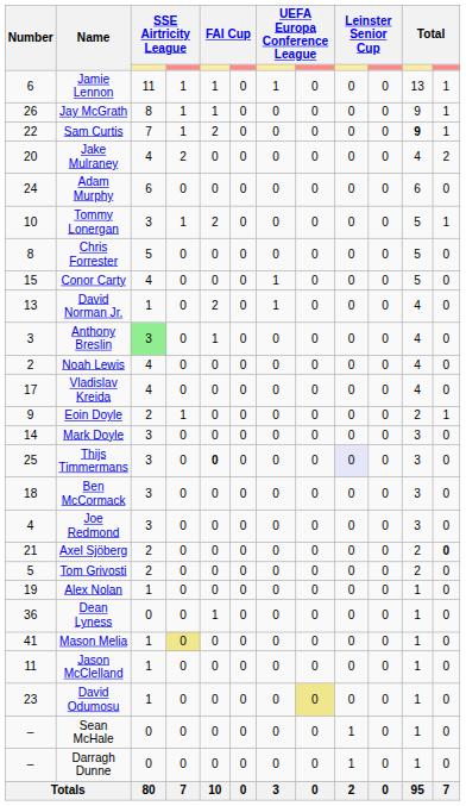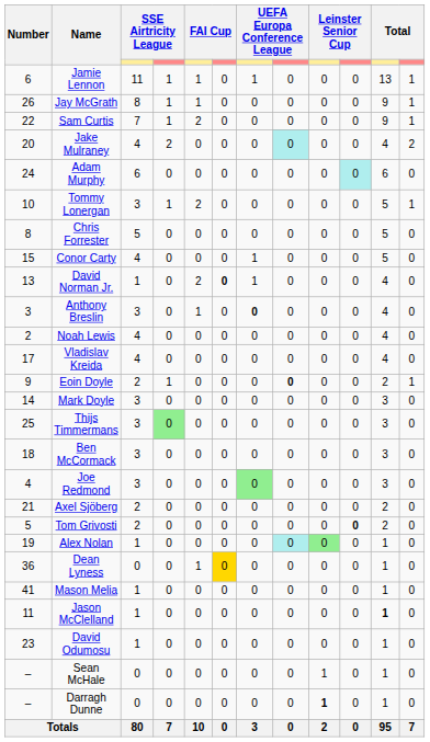 <table class="wikitable" style="text-align:center">
 <tr>
 <th rowspan="2" style="width:5%">Number</th>
 <th rowspan="2" style="width:15%">Name</th>
 <th colspan="2"><a href='#'>SSE Airtricity League</a></th>
 <th colspan="2"><a href='#'>FAI Cup</a></th>
 <th colspan="2"><a href='#'>UEFA Europa Conference League</a></th>
 <th colspan="2"><a href='#'>Leinster Senior Cup</a></th>
 <th colspan="2">Total</th>
 </tr>
 <tr>
 <th style="width:50px;background:#fe9"></th>
 <th style="width:50px;background:#f88"></th>
 <th style="width:50px;background:#fe9"></th>
 <th style="width:50px;background:#f88"></th>
 <th style="width:50px;background:#fe9"></th>
 <th style="width:50px;background:#f88"></th>
 <th style="width:50px;background:#fe9"></th>
 <th style="width:50px;background:#f88"></th>
 <th style="width:50px;background:#fe9"></th>
 <th style="width:50px;background:#f88"></th>
 </tr>
 <tr>
 <td>6</td>
 <td><a href='#'>Jamie Lennon</a></td>
 <td>11</td>
 <td>1</td>
 <td>1</td>
 <td>0</td>
 <td>1</td>
 <td>0</td>
 <td>0</td>
 <td>0</td>
 <td>13</td>
 <td>1</td>
 </tr>
 <tr>
 <td>26</td>
 <td><a href='#'>Jay McGrath</a></td>
 <td>8</td>
 <td>1</td>
 <td>1</td>
 <td>0</td>
 <td>0</td>
 <td>0</td>
 <td>0</td>
 <td>0</td>
 <td>9</td>
 <td>1</td>
 </tr>
 <tr>
 <td>22</td>
 <td><a href='#'>Sam Curtis</a></td>
 <td>7</td>
 <td>1</td>
 <td>2</td>
 <td>0</td>
 <td>0</td>
 <td>0</td>
 <td>0</td>
 <td>0</td>
-<td><strong>9</strong></td>
+<td>9</td>
 <td>1</td>
 </tr>
 <tr>
 <td>20</td>
 <td><a href='#'>Jake Mulraney</a></td>
 <td>4</td>
 <td>2</td>
 <td>0</td>
 <td>0</td>
 <td>0</td>
-<td>0</td>
+<td style="background: paleturquoise;">0</td>
 <td>0</td>
 <td>0</td>
 <td>4</td>
 <td>2</td>
 </tr>
 <tr>
 <td>24</td>
 <td><a href='#'>Adam Murphy</a></td>
 <td>6</td>
 <td>0</td>
 <td>0</td>
 <td>0</td>
 <td>0</td>
 <td>0</td>
 <td>0</td>
-<td>0</td>
+<td style="background: paleturquoise;">0</td>
 <td>6</td>
 <td>0</td>
 </tr>
 <tr>
 <td>10</td>
 <td><a href='#'>Tommy Lonergan</a></td>
 <td>3</td>
 <td>1</td>
 <td>2</td>
 <td>0</td>
 <td>0</td>
 <td>0</td>
 <td>0</td>
 <td>0</td>
 <td>5</td>
 <td>1</td>
 </tr>
 <tr>
 <td>8</td>
 <td><a href='#'>Chris Forrester</a></td>
 <td>5</td>
 <td>0</td>
 <td>0</td>
 <td>0</td>
 <td>0</td>
 <td>0</td>
 <td>0</td>
 <td>0</td>
 <td>5</td>
 <td>0</td>
 </tr>
 <tr>
 <td>15</td>
 <td><a href='#'>Conor Carty</a></td>
 <td>4</td>
 <td>0</td>
 <td>0</td>
 <td>0</td>
 <td>1</td>
 <td>0</td>
 <td>0</td>
 <td>0</td>
 <td>5</td>
 <td>0</td>
 </tr>
 <tr>
 <td>13</td>
 <td><a href='#'>David Norman Jr.</a></td>
 <td>1</td>
 <td>0</td>
 <td>2</td>
-<td>0</td>
+<td><strong>0</strong></td>
 <td>1</td>
 <td>0</td>
 <td>0</td>
 <td>0</td>
 <td>4</td>
 <td>0</td>
 </tr>
 <tr>
 <td>3</td>
 <td><a href='#'>Anthony Breslin</a></td>
-<td style="background: lightgreen;">3</td>
+<td>3</td>
 <td>0</td>
 <td>1</td>
 <td>0</td>
-<td>0</td>
+<td><strong>0</strong></td>
 <td>0</td>
 <td>0</td>
 <td>0</td>
 <td>4</td>
 <td>0</td>
 </tr>
 <tr>
 <td>2</td>
 <td><a href='#'>Noah Lewis</a></td>
 <td>4</td>
 <td>0</td>
 <td>0</td>
 <td>0</td>
 <td>0</td>
 <td>0</td>
 <td>0</td>
 <td>0</td>
 <td>4</td>
 <td>0</td>
 </tr>
 <tr>
 <td>17</td>
 <td><a href='#'>Vladislav Kreida</a></td>
 <td>4</td>
 <td>0</td>
 <td>0</td>
 <td>0</td>
 <td>0</td>
 <td>0</td>
 <td>0</td>
 <td>0</td>
 <td>4</td>
 <td>0</td>
 </tr>
 <tr>
 <td>9</td>
 <td><a href='#'>Eoin Doyle</a></td>
 <td>2</td>
 <td>1</td>
 <td>0</td>
 <td>0</td>
 <td>0</td>
-<td>0</td>
+<td><strong>0</strong></td>
 <td>0</td>
 <td>0</td>
 <td>2</td>
 <td>1</td>
 </tr>
 <tr>
 <td>14</td>
 <td><a href='#'>Mark Doyle</a></td>
 <td>3</td>
 <td>0</td>
 <td>0</td>
 <td>0</td>
 <td>0</td>
 <td>0</td>
 <td>0</td>
 <td>0</td>
 <td>3</td>
 <td>0</td>
 </tr>
 <tr>
 <td>25</td>
 <td><a href='#'>Thijs Timmermans</a></td>
 <td>3</td>
-<td>0</td>
-<td><strong>0</strong></td>
+<td style="background: lightgreen;">0</td>
 <td>0</td>
 <td>0</td>
 <td>0</td>
-<td style="background: lavender;">0</td>
+<td>0</td>
+<td>0</td>
 <td>0</td>
 <td>3</td>
 <td>0</td>
 </tr>
 <tr>
 <td>18</td>
 <td><a href='#'>Ben McCormack</a></td>
 <td>3</td>
 <td>0</td>
 <td>0</td>
 <td>0</td>
 <td>0</td>
 <td>0</td>
 <td>0</td>
 <td>0</td>
 <td>3</td>
 <td>0</td>
 </tr>
 <tr>
 <td>4</td>
 <td><a href='#'>Joe Redmond</a></td>
 <td>3</td>
 <td>0</td>
 <td>0</td>
 <td>0</td>
-<td>0</td>
+<td style="background: lightgreen;">0</td>
 <td>0</td>
 <td>0</td>
 <td>0</td>
 <td>3</td>
 <td>0</td>
 </tr>
 <tr>
 <td>21</td>
 <td><a href='#'>Axel Sjöberg</a></td>
 <td>2</td>
 <td>0</td>
 <td>0</td>
 <td>0</td>
 <td>0</td>
 <td>0</td>
 <td>0</td>
 <td>0</td>
 <td>2</td>
-<td><strong>0</strong></td>
+<td>0</td>
 </tr>
 <tr>
 <td>5</td>
 <td><a href='#'>Tom Grivosti</a></td>
 <td>2</td>
 <td>0</td>
 <td>0</td>
 <td>0</td>
 <td>0</td>
 <td>0</td>
 <td>0</td>
-<td>0</td>
+<td><strong>0</strong></td>
 <td>2</td>
 <td>0</td>
 </tr>
 <tr>
 <td>19</td>
 <td><a href='#'>Alex Nolan</a></td>
 <td>1</td>
 <td>0</td>
 <td>0</td>
 <td>0</td>
 <td>0</td>
-<td>0</td>
-<td>0</td>
+<td style="background: paleturquoise;">0</td>
+<td style="background: lightgreen;">0</td>
 <td>0</td>
 <td>1</td>
 <td>0</td>
 </tr>
 <tr>
 <td>36</td>
 <td><a href='#'>Dean Lyness</a></td>
 <td>0</td>
 <td>0</td>
 <td>1</td>
-<td>0</td>
+<td style="background: gold;">0</td>
 <td>0</td>
 <td>0</td>
 <td>0</td>
 <td>0</td>
 <td>1</td>
 <td>0</td>
 </tr>
 <tr>
 <td>41</td>
 <td><a href='#'>Mason Melia</a></td>
 <td>1</td>
-<td style="background: khaki;">0</td>
+<td>0</td>
 <td>0</td>
 <td>0</td>
 <td>0</td>
 <td>0</td>
 <td>0</td>
 <td>0</td>
 <td>1</td>
 <td>0</td>
 </tr>
 <tr>
 <td>11</td>
 <td><a href='#'>Jason McClelland</a></td>
 <td>1</td>
 <td>0</td>
 <td>0</td>
 <td>0</td>
 <td>0</td>
 <td>0</td>
 <td>0</td>
 <td>0</td>
-<td>1</td>
+<td><strong>1</strong></td>
 <td>0</td>
 </tr>
 <tr>
 <td>23</td>
 <td><a href='#'>David Odumosu</a></td>
 <td>1</td>
 <td>0</td>
 <td>0</td>
 <td>0</td>
 <td>0</td>
-<td style="background: khaki;">0</td>
+<td>0</td>
 <td>0</td>
 <td>0</td>
 <td>1</td>
 <td>0</td>
 </tr>
 <tr>
 <td>–</td>
 <td>Sean McHale</td>
 <td>0</td>
 <td>0</td>
 <td>0</td>
 <td>0</td>
 <td>0</td>
 <td>0</td>
 <td>1</td>
 <td>0</td>
 <td>1</td>
 <td>0</td>
 </tr>
 <tr>
 <td>–</td>
 <td>Darragh Dunne</td>
 <td>0</td>
 <td>0</td>
 <td>0</td>
 <td>0</td>
 <td>0</td>
 <td>0</td>
-<td>1</td>
+<td><strong>1</strong></td>
 <td>0</td>
 <td>1</td>
 <td>0</td>
 </tr>
 <tr>
 <th colspan="2">Totals</th>
 <th>80</th>
 <th>7</th>
 <th>10</th>
 <th>0</th>
 <th>3</th>
 <th>0</th>
 <th>2</th>
 <th>0</th>
 <th>95</th>
 <th>7</th>
 </tr>
 </table>
